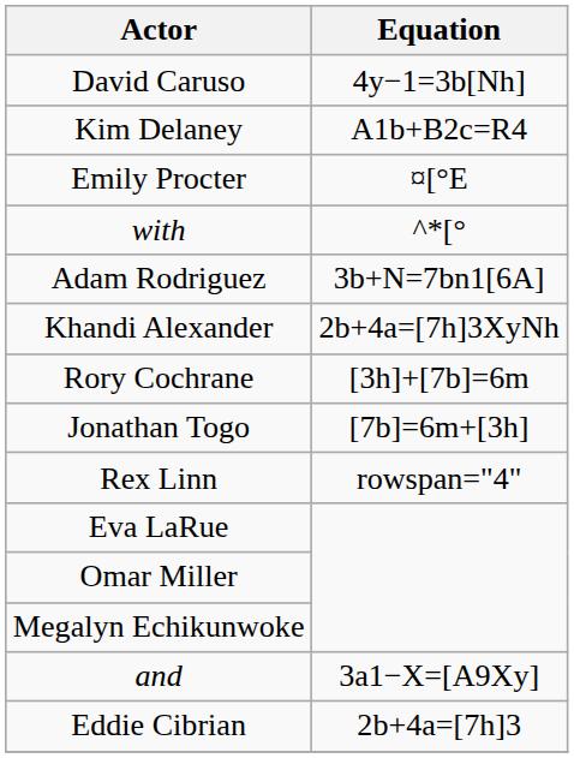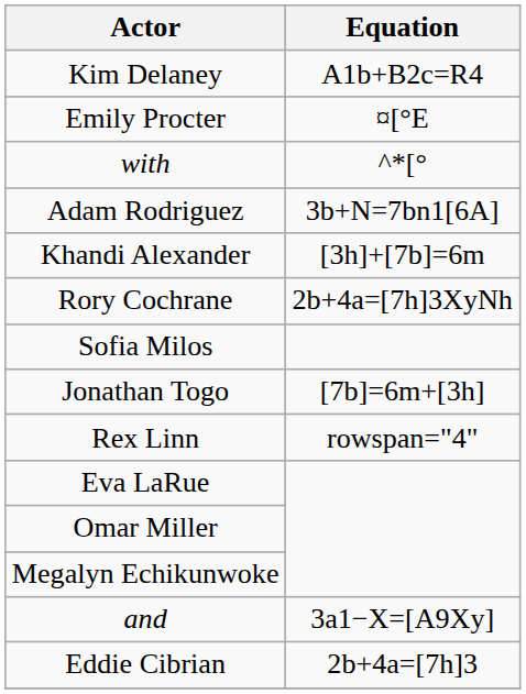 <table class="wikitable plainrowheaders" style="text-align:center;">
 <tr>
 <th scope="col">Actor</th>
 <th scope="col">Equation</th>
-</tr>
-<tr>
-<td>David Caruso</td>
-<td>4y−1=3b[Nh]</td>
 </tr>
 <tr>
 <td>Kim Delaney</td>
 <td>A1b+B2c=R4</td>
 </tr>
 <tr>
 <td>Emily Procter</td>
 <td>¤[°E</td>
 </tr>
 <tr>
 <td><em>with</em></td>
 <td>^*[°</td>
 </tr>
 <tr>
 <td>Adam Rodriguez</td>
 <td>3b+N=7bn1[6A]</td>
 </tr>
 <tr>
 <td>Khandi Alexander</td>
+<td>[3h]+[7b]=6m</td>
+</tr>
+<tr>
+<td>Rory Cochrane</td>
 <td>2b+4a=[7h]3XyNh</td>
 </tr>
 <tr>
-<td>Rory Cochrane</td>
-<td>[3h]+[7b]=6m</td>
+<td>Sofia Milos</td>
+<td></td>
 </tr>
 <tr>
 <td>Jonathan Togo</td>
 <td>[7b]=6m+[3h]</td>
 </tr>
 <tr>
 <td>Rex Linn</td>
 <td>rowspan="4" </td>
 </tr>
 <tr>
 <td>Eva LaRue</td>
 </tr>
 <tr>
 <td>Omar Miller</td>
 </tr>
 <tr>
 <td>Megalyn Echikunwoke</td>
 </tr>
 <tr>
 <td><em>and</em></td>
 <td>3a1−X=[A9Xy]</td>
 </tr>
 <tr>
 <td>Eddie Cibrian</td>
 <td>2b+4a=[7h]3</td>
 </tr>
 <tr>
 </tr>
 </table>
